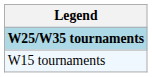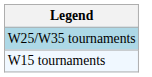 <table class="wikitable" style="font-size:90%">
 <tr>
 <th>Legend</th>
 </tr>
 <tr style="background:lightblue;">
-<td><strong>W25/W35 tournaments</strong></td>
+<td>W25/W35 tournaments</td>
 </tr>
 <tr style="background:#f0f8ff;">
 <td>W15 tournaments</td>
 </tr>
 </table>
